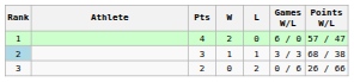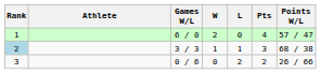 <table class="wikitable" style="text-align: center; font-size:90% ">
 <tr>
 <th width="20">Rank</th>
 <th width="200">Athlete</th>
-<th width="30">Pts</th>
+<th width="40">Games<br>W/L</th>
 <th width="30">W</th>
 <th width="30">L</th>
-<th width="40">Games<br>W/L</th>
+<th width="30">Pts</th>
 <th width="50">Points<br>W/L</th>
 </tr>
 <tr bgcolor=#ccffcc>
 <td>1</td>
 <td align=left></td>
-<td>4</td>
+<td>6 / 0</td>
 <td>2</td>
 <td>0</td>
-<td>6 / 0</td>
+<td>4</td>
 <td>57 / 47</td>
 </tr>
 <tr>
 <td style="background: lightblue;">2</td>
 <td align=left></td>
-<td>3</td>
+<td>3 / 3</td>
 <td>1</td>
 <td>1</td>
-<td>3 / 3</td>
+<td>3</td>
 <td>68 / 38</td>
 </tr>
 <tr>
 <td>3</td>
 <td align=left></td>
-<td>2</td>
+<td>0 / 6</td>
 <td>0</td>
 <td>2</td>
-<td>0 / 6</td>
+<td>2</td>
 <td>26 / 66</td>
 </tr>
 </table>
